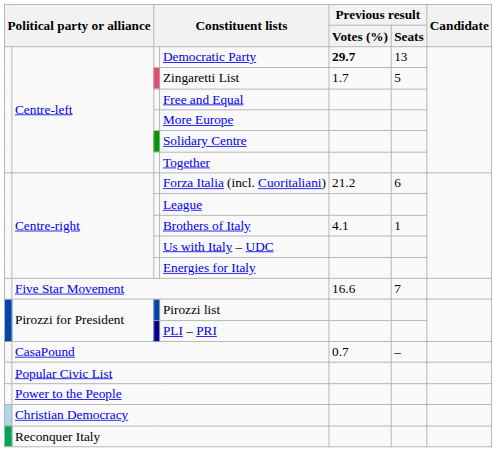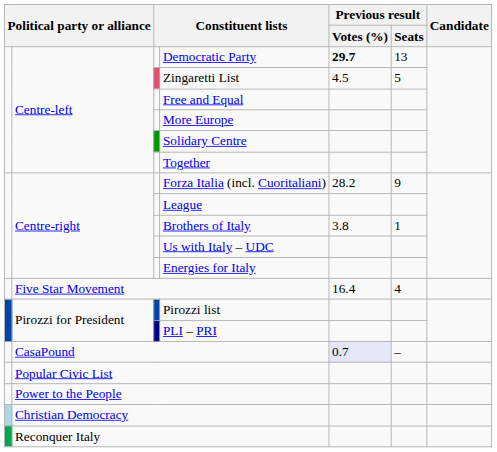 <table class="wikitable" style="text-align:left">
 <tr>
 <th colspan=2 rowspan="2">Political party or alliance</th>
 <th colspan=2 rowspan="2">Constituent lists</th>
 <th colspan="2">Previous result</th>
 <th colspan="2" rowspan="2">Candidate</th>
 </tr>
 <tr>
 <th>Votes (%)</th>
 <th>Seats</th>
 </tr>
 <tr>
 <td rowspan="6"></td>
 <td rowspan=6><a href='#'>Centre-left</a></td>
 <td></td>
 <td style="text-align:left;"><a href='#'>Democratic Party</a></td>
 <td><strong>29.7</strong></td>
 <td>13</td>
 <td rowspan="6"></td>
 </tr>
 <tr>
 <td bgcolor="#E54C72"></td>
 <td style="text-align:left;">Zingaretti List</td>
-<td>1.7</td>
+<td>4.5</td>
 <td>5</td>
 </tr>
 <tr>
 <td></td>
 <td style="text-align:left;"><a href='#'>Free and Equal</a></td>
 <td></td>
 <td></td>
 </tr>
 <tr>
 <td></td>
 <td style="text-align:left;"><a href='#'>More Europe</a></td>
 <td></td>
 <td></td>
 </tr>
 <tr>
 <td bgcolor="#009900"></td>
 <td style="text-align:left;"><a href='#'>Solidary Centre</a></td>
 <td></td>
 <td></td>
 </tr>
 <tr>
 <td></td>
 <td style="text-align:left;"><a href='#'>Together</a></td>
 <td></td>
 <td></td>
 </tr>
 <tr>
 <td rowspan="5" style="background:"></td>
 <td rowspan=5><a href='#'>Centre-right</a></td>
 <td></td>
 <td style="text-align:left;"><a href='#'>Forza Italia</a> (incl. <a href='#'>Cuoritaliani</a>)</td>
-<td>21.2</td>
-<td>6</td>
+<td>28.2</td>
+<td>9</td>
 <td rowspan="5"></td>
 </tr>
 <tr>
 <td></td>
 <td style="text-align:left;"><a href='#'>League</a></td>
 <td></td>
 <td></td>
 </tr>
 <tr>
 <td></td>
 <td style="text-align:left;"><a href='#'>Brothers of Italy</a></td>
-<td>4.1</td>
+<td>3.8</td>
 <td>1</td>
 </tr>
 <tr>
 <td></td>
 <td style="text-align:left;"><a href='#'>Us with Italy</a> – <a href='#'>UDC</a></td>
 <td></td>
 <td></td>
 </tr>
 <tr>
 <td></td>
 <td style="text-align:left;"><a href='#'>Energies for Italy</a></td>
 <td></td>
 <td></td>
 </tr>
 <tr>
 <td style="background-color:"></td>
 <td colspan="3"><a href='#'>Five Star Movement</a></td>
-<td>16.6</td>
-<td>7</td>
+<td>16.4</td>
+<td>4</td>
 <td></td>
 </tr>
 <tr>
 <td rowspan="2" style="background:#0045AA;"></td>
 <td rowspan="2">Pirozzi for President</td>
 <td style="background-color:#0045AA"></td>
 <td>Pirozzi list</td>
 <td></td>
 <td></td>
 <td rowspan="2"></td>
 </tr>
 <tr>
 <td bgcolor="darkblue"></td>
 <td><a href='#'>PLI</a> – <a href='#'>PRI</a></td>
 <td></td>
 <td></td>
 </tr>
 <tr>
 <td style="background-color:"></td>
 <td colspan="3"><a href='#'>CasaPound</a></td>
-<td>0.7</td>
+<td style="background: lavender;">0.7</td>
 <td>–</td>
 <td></td>
 </tr>
 <tr>
 <td style="background-color:"></td>
 <td colspan="3"><a href='#'>Popular Civic List</a></td>
 <td></td>
 <td></td>
 <td></td>
 </tr>
 <tr>
 <td style="background-color:"></td>
 <td colspan="3"><a href='#'>Power to the People</a></td>
 <td></td>
 <td></td>
 <td></td>
 </tr>
 <tr>
 <td style="background-color:lightblue"></td>
 <td colspan="3"><a href='#'>Christian Democracy</a></td>
 <td></td>
 <td></td>
 <td></td>
 </tr>
 <tr>
 <td bgcolor="#00A650"></td>
 <td colspan="3">Reconquer Italy</td>
 <td></td>
 <td></td>
 <td></td>
 </tr>
 </table>
